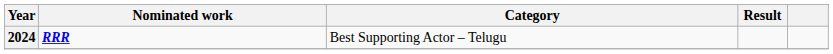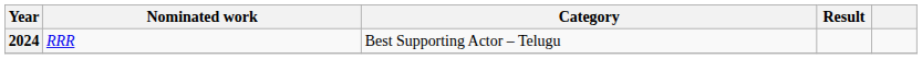 <table class="wikitable plainrowheaders" style="width:75%;">
 <tr>
 <th scope="col" style="width:4%;">Year</th>
 <th scope="col" style="width:35%;">Nominated work</th>
 <th scope="col" style="width:50%;">Category</th>
 <th scope="col" style="width:6%;">Result</th>
 <th scope="col" style="width:6%;"></th>
 </tr>
 <tr>
 <th scope="row">2024</th>
-<td><strong><em><a href='#'>RRR</a></em></strong></td>
+<td><em><a href='#'>RRR</a></em></td>
 <td Filmfare Award for Best Supporting Actor – Telugu>Best Supporting Actor – Telugu</td>
 <td></td>
 <td style="text-align:center;"></td>
 </tr>
 <tr>
 </tr>
 </table>
